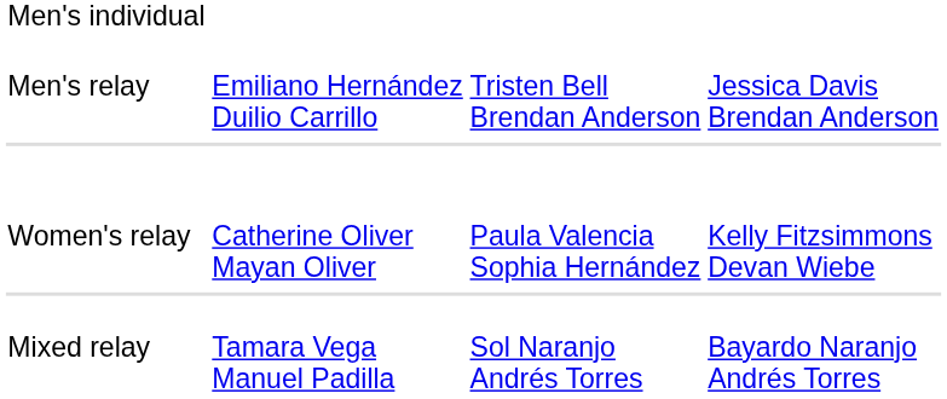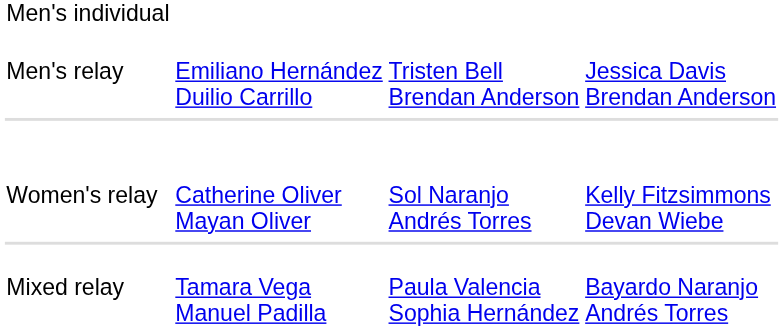 <table>
 <tr>
 <td>Men's individual<br></td>
 <td></td>
 <td></td>
 <td></td>
 </tr>
 <tr>
 <td>Men's relay<br></td>
 <td><br><a href='#'>Emiliano Hernández</a><br><a href='#'>Duilio Carrillo</a></td>
 <td><br><a href='#'>Tristen Bell</a><br><a href='#'>Brendan Anderson</a></td>
 <td><br><a href='#'>Jessica Davis</a><br><a href='#'>Brendan Anderson</a></td>
 </tr>
 <tr>
 </tr>
 <tr bgcolor=#DDDDDD>
 <td colspan=7></td>
 </tr>
 <tr>
 <td><br></td>
 <td></td>
 <td></td>
 <td></td>
 </tr>
 <tr>
 <td>Women's relay<br></td>
 <td><br><a href='#'>Catherine Oliver</a><br><a href='#'>Mayan Oliver</a></td>
-<td><br><a href='#'>Paula Valencia</a><br><a href='#'>Sophia Hernández</a></td>
+<td><br><a href='#'>Sol Naranjo</a><br><a href='#'>Andrés Torres</a></td>
 <td><br><a href='#'>Kelly Fitzsimmons</a><br><a href='#'>Devan Wiebe</a></td>
 </tr>
 <tr>
 </tr>
 <tr bgcolor=#DDDDDD>
 <td colspan=7></td>
 </tr>
 <tr>
 <td>Mixed relay<br></td>
 <td><br><a href='#'>Tamara Vega</a><br><a href='#'>Manuel Padilla</a></td>
-<td><br><a href='#'>Sol Naranjo</a><br><a href='#'>Andrés Torres</a></td>
+<td><br><a href='#'>Paula Valencia</a><br><a href='#'>Sophia Hernández</a></td>
 <td><br><a href='#'>Bayardo Naranjo</a><br><a href='#'>Andrés Torres</a></td>
 </tr>
 </table>
